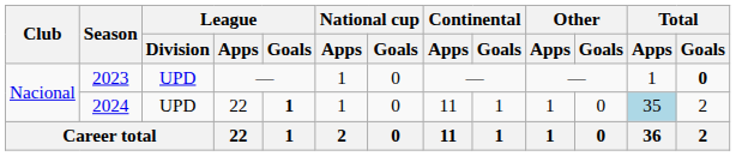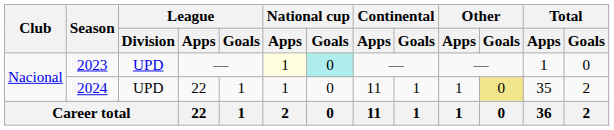 <table class="wikitable" Style="text-align: center">
 <tr>
 <th rowspan="2">Club</th>
 <th rowspan="2">Season</th>
 <th colspan="3">League</th>
 <th colspan="2">National cup</th>
 <th colspan="2">Continental</th>
 <th colspan="2">Other</th>
 <th colspan="2">Total</th>
 </tr>
 <tr>
 <th>Division</th>
 <th>Apps</th>
 <th>Goals</th>
 <th>Apps</th>
 <th>Goals</th>
 <th>Apps</th>
 <th>Goals</th>
 <th>Apps</th>
 <th>Goals</th>
 <th>Apps</th>
 <th>Goals</th>
 </tr>
 <tr>
 <td rowspan="2"><a href='#'>Nacional</a></td>
 <td><a href='#'>2023</a></td>
 <td><a href='#'>UPD</a></td>
 <td colspan="2">—</td>
-<td>1</td>
-<td>0</td>
+<td style="background: lightyellow;">1</td>
+<td style="background: paleturquoise;">0</td>
 <td colspan="2">—</td>
 <td colspan="2">—</td>
 <td>1</td>
-<td><strong>0</strong></td>
+<td>0</td>
 </tr>
 <tr>
 <td><a href='#'>2024</a></td>
 <td>UPD</td>
 <td>22</td>
-<td><strong>1</strong></td>
+<td>1</td>
 <td>1</td>
 <td>0</td>
 <td>11</td>
 <td>1</td>
 <td>1</td>
-<td>0</td>
-<td style="background: lightblue;">35</td>
+<td style="background: khaki;">0</td>
+<td>35</td>
 <td>2</td>
 </tr>
 <tr>
 <th colspan="3">Career total</th>
 <th>22</th>
 <th>1</th>
 <th>2</th>
 <th>0</th>
 <th>11</th>
 <th>1</th>
 <th>1</th>
 <th>0</th>
 <th>36</th>
 <th>2</th>
 </tr>
 </table>
